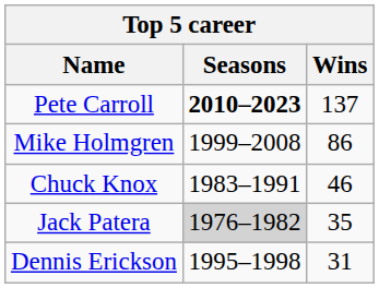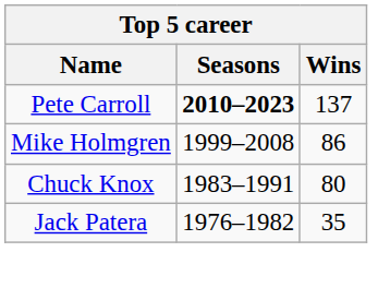 <table class="wikitable" style="text-align:center">
 <tr>
 <th colspan="3"><strong>Top 5 career</strong></th>
 </tr>
 <tr>
 <th><strong>Name</strong></th>
 <th><strong>Seasons</strong></th>
 <th><strong>Wins</strong></th>
 </tr>
 <tr>
 <td><a href='#'>Pete Carroll</a></td>
 <td><strong>2010–2023</strong></td>
 <td>137</td>
 </tr>
 <tr>
 <td><a href='#'>Mike Holmgren</a></td>
 <td>1999–2008</td>
 <td>86</td>
 </tr>
 <tr>
 <td><a href='#'>Chuck Knox</a></td>
 <td>1983–1991</td>
-<td>46</td>
+<td>80</td>
 </tr>
 <tr>
 <td><a href='#'>Jack Patera</a></td>
-<td style="background: lightgrey;">1976–1982</td>
+<td>1976–1982</td>
 <td>35</td>
 </tr>
-<tr>
-<td><a href='#'>Dennis Erickson</a></td>
-<td>1995–1998</td>
-<td>31</td>
-</tr>
 </table>
